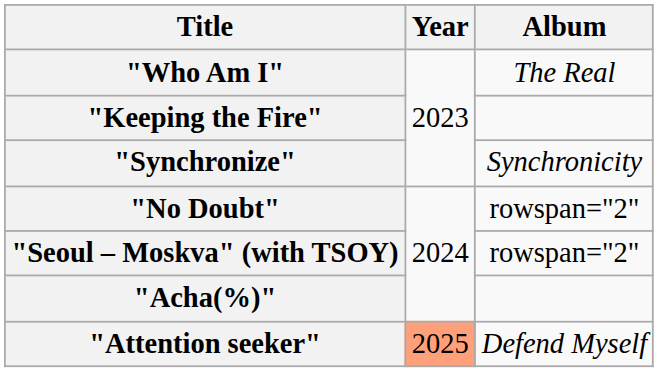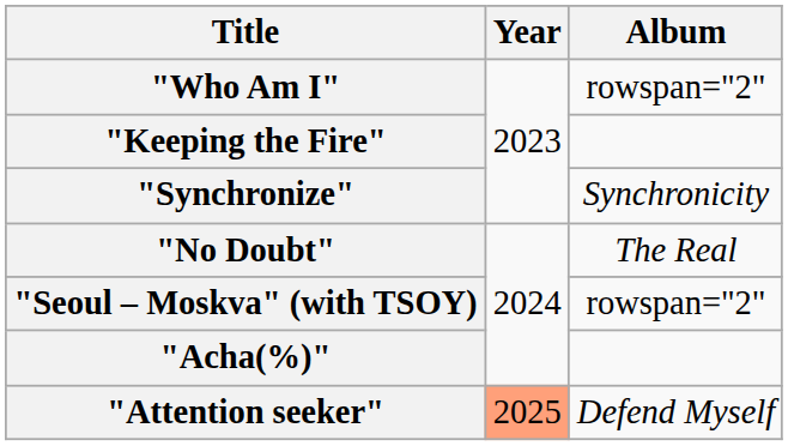 <table class="wikitable plainrowheaders" style="text-align:center">
 <tr>
 <th scope="col">Title</th>
 <th scope="col">Year</th>
 <th scope="col">Album</th>
 </tr>
 <tr>
 <th scope="row">"Who Am I"</th>
 <td rowspan="3">2023</td>
-<td><em>The Real</em></td>
+<td>rowspan="2" </td>
 </tr>
 <tr>
 <th scope="row">"Keeping the Fire"</th>
 </tr>
 <tr>
 <th scope="row">"Synchronize"</th>
 <td><em>Synchronicity</em></td>
 </tr>
 <tr>
 <th scope="row">"No Doubt"</th>
 <td rowspan="3">2024</td>
-<td>rowspan="2" </td>
+<td><em>The Real</em></td>
 </tr>
 <tr>
 <th scope="row">"Seoul – Moskva" (with TSOY)</th>
 <td>rowspan="2" </td>
 </tr>
 <tr>
 <th scope="row">"Acha(%)"</th>
 </tr>
 <tr>
 <th scope="row">"Attention seeker"</th>
 <td style="background: lightsalmon;">2025</td>
 <td><em>Defend Myself</em></td>
 </tr>
 </table>
